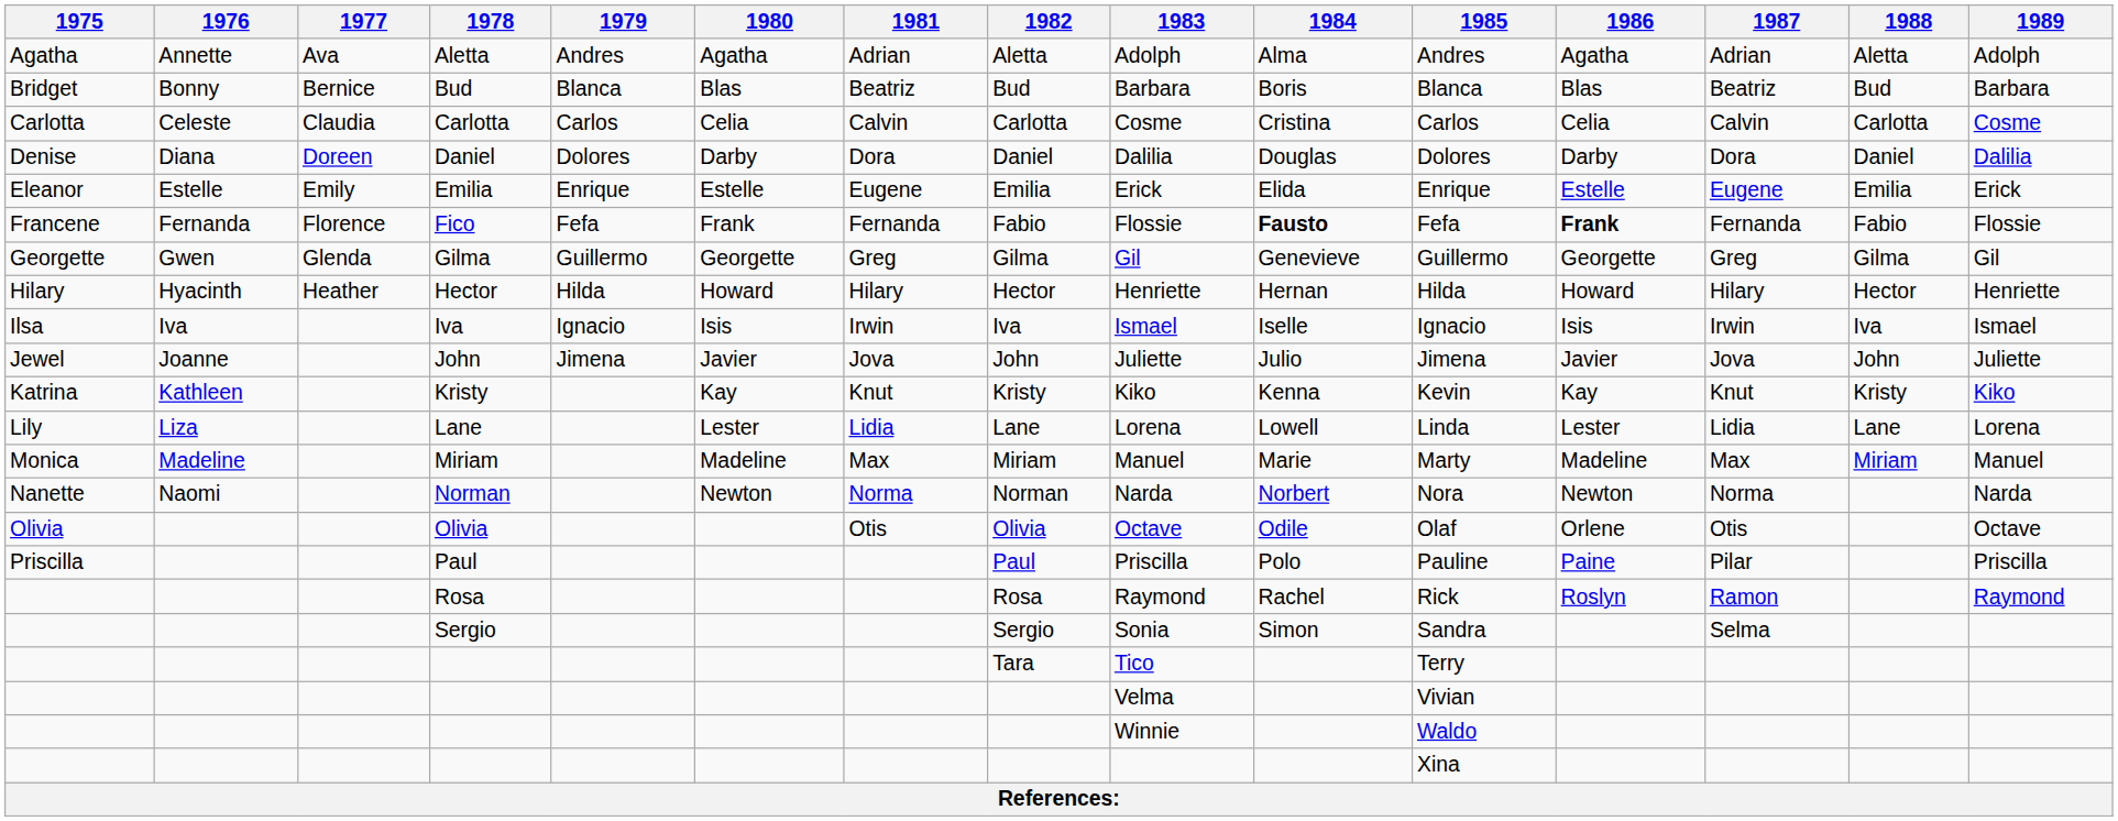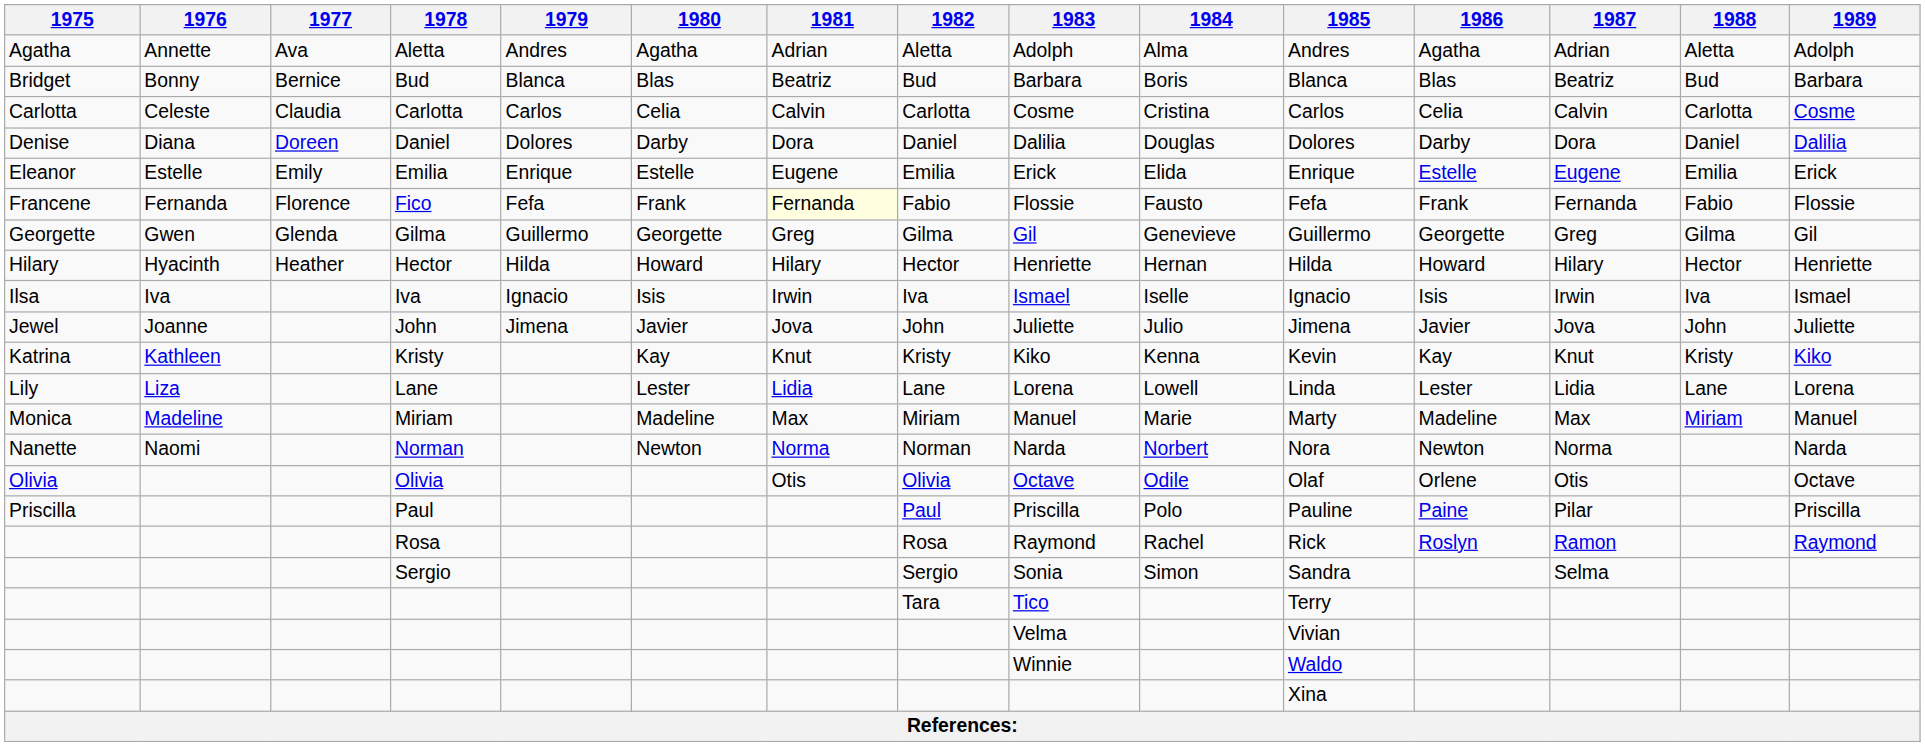 <table class="wikitable" width="100%">
 <tr>
 <th><a href='#'>1975</a></th>
 <th><a href='#'>1976</a></th>
 <th><a href='#'>1977</a></th>
 <th><a href='#'>1978</a></th>
 <th><a href='#'>1979</a></th>
 <th><a href='#'>1980</a></th>
 <th><a href='#'>1981</a></th>
 <th><a href='#'>1982</a></th>
 <th><a href='#'>1983</a></th>
 <th><a href='#'>1984</a></th>
 <th><a href='#'>1985</a></th>
 <th><a href='#'>1986</a></th>
 <th><a href='#'>1987</a></th>
 <th><a href='#'>1988</a></th>
 <th><a href='#'>1989</a></th>
 </tr>
 <tr>
 <td>Agatha</td>
 <td>Annette</td>
 <td>Ava</td>
 <td>Aletta</td>
 <td>Andres</td>
 <td>Agatha</td>
 <td>Adrian</td>
 <td>Aletta</td>
 <td>Adolph</td>
 <td>Alma</td>
 <td>Andres</td>
 <td>Agatha</td>
 <td>Adrian</td>
 <td>Aletta</td>
 <td>Adolph</td>
 </tr>
 <tr>
 <td>Bridget</td>
 <td>Bonny</td>
 <td>Bernice</td>
 <td>Bud</td>
 <td>Blanca</td>
 <td>Blas</td>
 <td>Beatriz</td>
 <td>Bud</td>
 <td>Barbara</td>
 <td>Boris</td>
 <td>Blanca</td>
 <td>Blas</td>
 <td>Beatriz</td>
 <td>Bud</td>
 <td>Barbara</td>
 </tr>
 <tr>
 <td>Carlotta</td>
 <td>Celeste</td>
 <td>Claudia</td>
 <td>Carlotta</td>
 <td>Carlos</td>
 <td>Celia</td>
 <td>Calvin</td>
 <td>Carlotta</td>
 <td>Cosme</td>
 <td>Cristina</td>
 <td>Carlos</td>
 <td>Celia</td>
 <td>Calvin</td>
 <td>Carlotta</td>
 <td><a href='#'>Cosme</a></td>
 </tr>
 <tr>
 <td>Denise</td>
 <td>Diana</td>
 <td><a href='#'>Doreen</a></td>
 <td>Daniel</td>
 <td>Dolores</td>
 <td>Darby</td>
 <td>Dora</td>
 <td>Daniel</td>
 <td>Dalilia</td>
 <td>Douglas</td>
 <td>Dolores</td>
 <td>Darby</td>
 <td>Dora</td>
 <td>Daniel</td>
 <td><a href='#'>Dalilia</a></td>
 </tr>
 <tr>
 <td>Eleanor</td>
 <td>Estelle</td>
 <td>Emily</td>
 <td>Emilia</td>
 <td>Enrique</td>
 <td>Estelle</td>
 <td>Eugene</td>
 <td>Emilia</td>
 <td>Erick</td>
 <td>Elida</td>
 <td>Enrique</td>
 <td><a href='#'>Estelle</a></td>
 <td><a href='#'>Eugene</a></td>
 <td>Emilia</td>
 <td>Erick</td>
 </tr>
 <tr>
 <td>Francene</td>
 <td>Fernanda</td>
 <td>Florence</td>
 <td><a href='#'>Fico</a></td>
 <td>Fefa</td>
 <td>Frank</td>
-<td>Fernanda</td>
+<td style="background: lightyellow;">Fernanda</td>
 <td>Fabio</td>
 <td>Flossie</td>
-<td><strong>Fausto</strong></td>
+<td>Fausto</td>
 <td>Fefa</td>
-<td><strong>Frank</strong></td>
+<td>Frank</td>
 <td>Fernanda</td>
 <td>Fabio</td>
 <td>Flossie</td>
 </tr>
 <tr>
 <td>Georgette</td>
 <td>Gwen</td>
 <td>Glenda</td>
 <td>Gilma</td>
 <td>Guillermo</td>
 <td>Georgette</td>
 <td>Greg</td>
 <td>Gilma</td>
 <td><a href='#'>Gil</a></td>
 <td>Genevieve</td>
 <td>Guillermo</td>
 <td>Georgette</td>
 <td>Greg</td>
 <td>Gilma</td>
 <td>Gil</td>
 </tr>
 <tr>
 <td>Hilary</td>
 <td>Hyacinth</td>
 <td>Heather</td>
 <td>Hector</td>
 <td>Hilda</td>
 <td>Howard</td>
 <td>Hilary</td>
 <td>Hector</td>
 <td>Henriette</td>
 <td>Hernan</td>
 <td>Hilda</td>
 <td>Howard</td>
 <td>Hilary</td>
 <td>Hector</td>
 <td>Henriette</td>
 </tr>
 <tr>
 <td>Ilsa</td>
 <td>Iva</td>
 <td></td>
 <td>Iva</td>
 <td>Ignacio</td>
 <td>Isis</td>
 <td>Irwin</td>
 <td>Iva</td>
 <td><a href='#'>Ismael</a></td>
 <td>Iselle</td>
 <td>Ignacio</td>
 <td>Isis</td>
 <td>Irwin</td>
 <td>Iva</td>
 <td>Ismael</td>
 </tr>
 <tr>
 <td>Jewel</td>
 <td>Joanne</td>
 <td></td>
 <td>John</td>
 <td>Jimena</td>
 <td>Javier</td>
 <td>Jova</td>
 <td>John</td>
 <td>Juliette</td>
 <td>Julio</td>
 <td>Jimena</td>
 <td>Javier</td>
 <td>Jova</td>
 <td>John</td>
 <td>Juliette</td>
 </tr>
 <tr>
 <td>Katrina</td>
 <td><a href='#'>Kathleen</a></td>
 <td></td>
 <td>Kristy</td>
 <td></td>
 <td>Kay</td>
 <td>Knut</td>
 <td>Kristy</td>
 <td>Kiko</td>
 <td>Kenna</td>
 <td>Kevin</td>
 <td>Kay</td>
 <td>Knut</td>
 <td>Kristy</td>
 <td><a href='#'>Kiko</a></td>
 </tr>
 <tr>
 <td>Lily</td>
 <td><a href='#'>Liza</a></td>
 <td></td>
 <td>Lane</td>
 <td></td>
 <td>Lester</td>
 <td><a href='#'>Lidia</a></td>
 <td>Lane</td>
 <td>Lorena</td>
 <td>Lowell</td>
 <td>Linda</td>
 <td>Lester</td>
 <td>Lidia</td>
 <td>Lane</td>
 <td>Lorena</td>
 </tr>
 <tr>
 <td>Monica</td>
 <td><a href='#'>Madeline</a></td>
 <td></td>
 <td>Miriam</td>
 <td></td>
 <td>Madeline</td>
 <td>Max</td>
 <td>Miriam</td>
 <td>Manuel</td>
 <td>Marie</td>
 <td>Marty</td>
 <td>Madeline</td>
 <td>Max</td>
 <td><a href='#'>Miriam</a></td>
 <td>Manuel</td>
 </tr>
 <tr>
 <td>Nanette</td>
 <td>Naomi</td>
 <td></td>
 <td><a href='#'>Norman</a></td>
 <td></td>
 <td>Newton</td>
 <td><a href='#'>Norma</a></td>
 <td>Norman</td>
 <td>Narda</td>
 <td><a href='#'>Norbert</a></td>
 <td>Nora</td>
 <td>Newton</td>
 <td>Norma</td>
 <td></td>
 <td>Narda</td>
 </tr>
 <tr>
 <td><a href='#'>Olivia</a></td>
 <td></td>
 <td></td>
 <td><a href='#'>Olivia</a></td>
 <td></td>
 <td></td>
 <td>Otis</td>
 <td><a href='#'>Olivia</a></td>
 <td><a href='#'>Octave</a></td>
 <td><a href='#'>Odile</a></td>
 <td>Olaf</td>
 <td>Orlene</td>
 <td>Otis</td>
 <td></td>
 <td>Octave</td>
 </tr>
 <tr>
 <td>Priscilla</td>
 <td></td>
 <td></td>
 <td>Paul</td>
 <td></td>
 <td></td>
 <td></td>
 <td><a href='#'>Paul</a></td>
 <td>Priscilla</td>
 <td>Polo</td>
 <td>Pauline</td>
 <td><a href='#'>Paine</a></td>
 <td>Pilar</td>
 <td></td>
 <td>Priscilla</td>
 </tr>
 <tr>
 <td></td>
 <td></td>
 <td></td>
 <td>Rosa</td>
 <td></td>
 <td></td>
 <td></td>
 <td>Rosa</td>
 <td>Raymond</td>
 <td>Rachel</td>
 <td>Rick</td>
 <td><a href='#'>Roslyn</a></td>
 <td><a href='#'>Ramon</a></td>
 <td></td>
 <td><a href='#'>Raymond</a></td>
 </tr>
 <tr>
 <td></td>
 <td></td>
 <td></td>
 <td>Sergio</td>
 <td></td>
 <td></td>
 <td></td>
 <td>Sergio</td>
 <td>Sonia</td>
 <td>Simon</td>
 <td>Sandra</td>
 <td></td>
 <td>Selma</td>
 <td></td>
 <td></td>
 </tr>
 <tr>
 <td></td>
 <td></td>
 <td></td>
 <td></td>
 <td></td>
 <td></td>
 <td></td>
 <td>Tara</td>
 <td><a href='#'>Tico</a></td>
 <td></td>
 <td>Terry</td>
 <td></td>
 <td></td>
 <td></td>
 <td></td>
 </tr>
 <tr>
 <td></td>
 <td></td>
 <td></td>
 <td></td>
 <td></td>
 <td></td>
 <td></td>
 <td></td>
 <td>Velma</td>
 <td></td>
 <td>Vivian</td>
 <td></td>
 <td></td>
 <td></td>
 <td></td>
 </tr>
 <tr>
 <td></td>
 <td></td>
 <td></td>
 <td></td>
 <td></td>
 <td></td>
 <td></td>
 <td></td>
 <td>Winnie</td>
 <td></td>
 <td><a href='#'>Waldo</a></td>
 <td></td>
 <td></td>
 <td></td>
 <td></td>
 </tr>
 <tr>
 <td></td>
 <td></td>
 <td></td>
 <td></td>
 <td></td>
 <td></td>
 <td></td>
 <td></td>
 <td></td>
 <td></td>
 <td>Xina</td>
 <td></td>
 <td></td>
 <td></td>
 <td></td>
 </tr>
 <tr>
 <th colspan=17>References:</th>
 </tr>
 </table>
